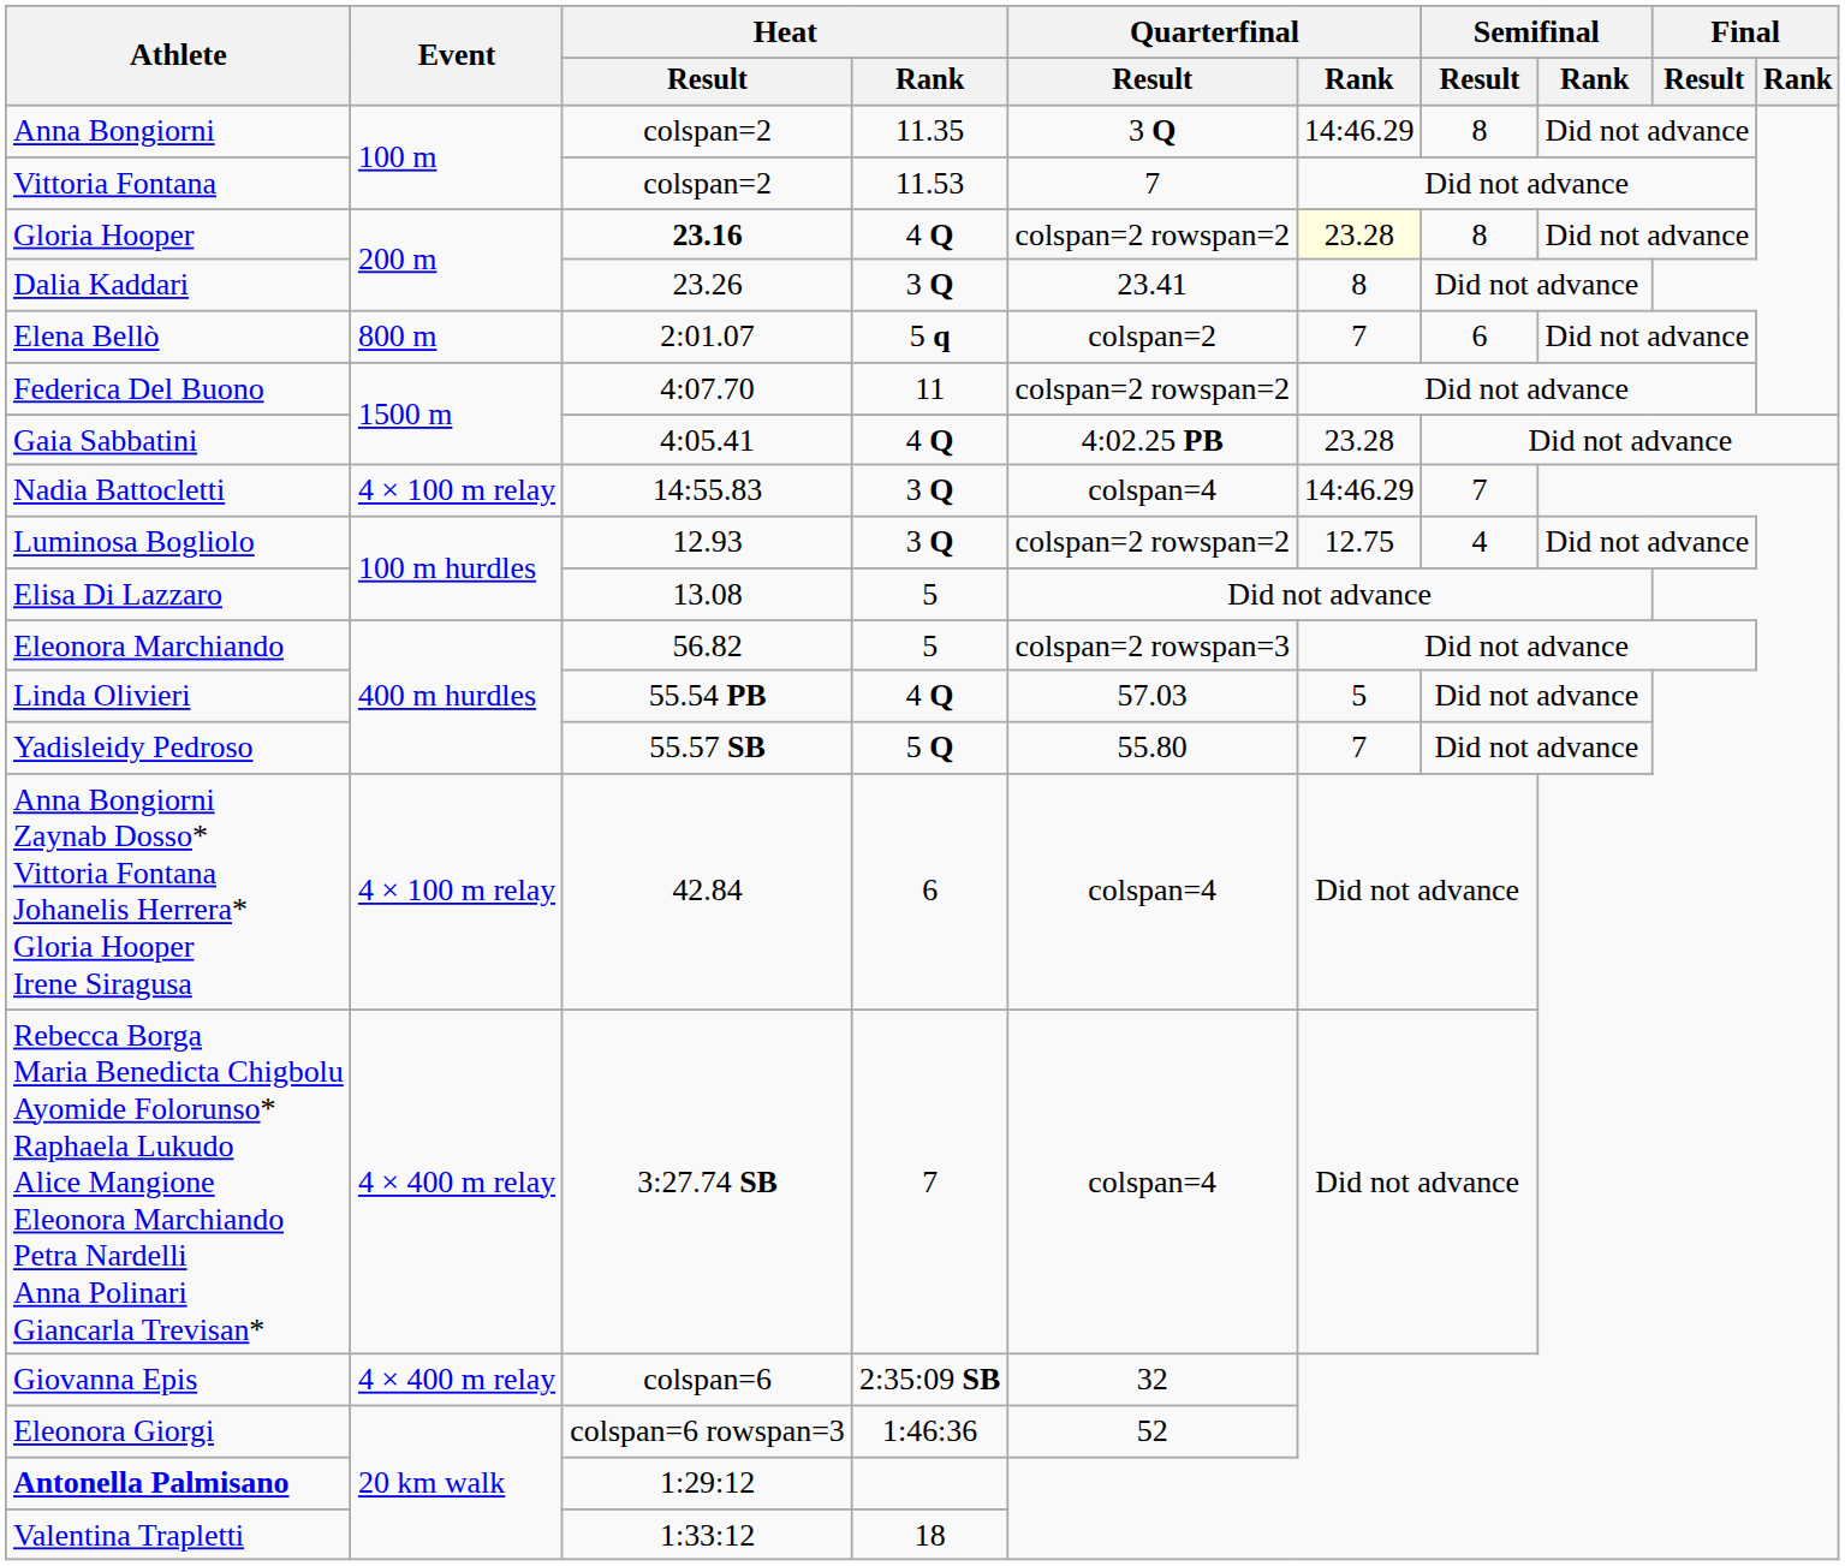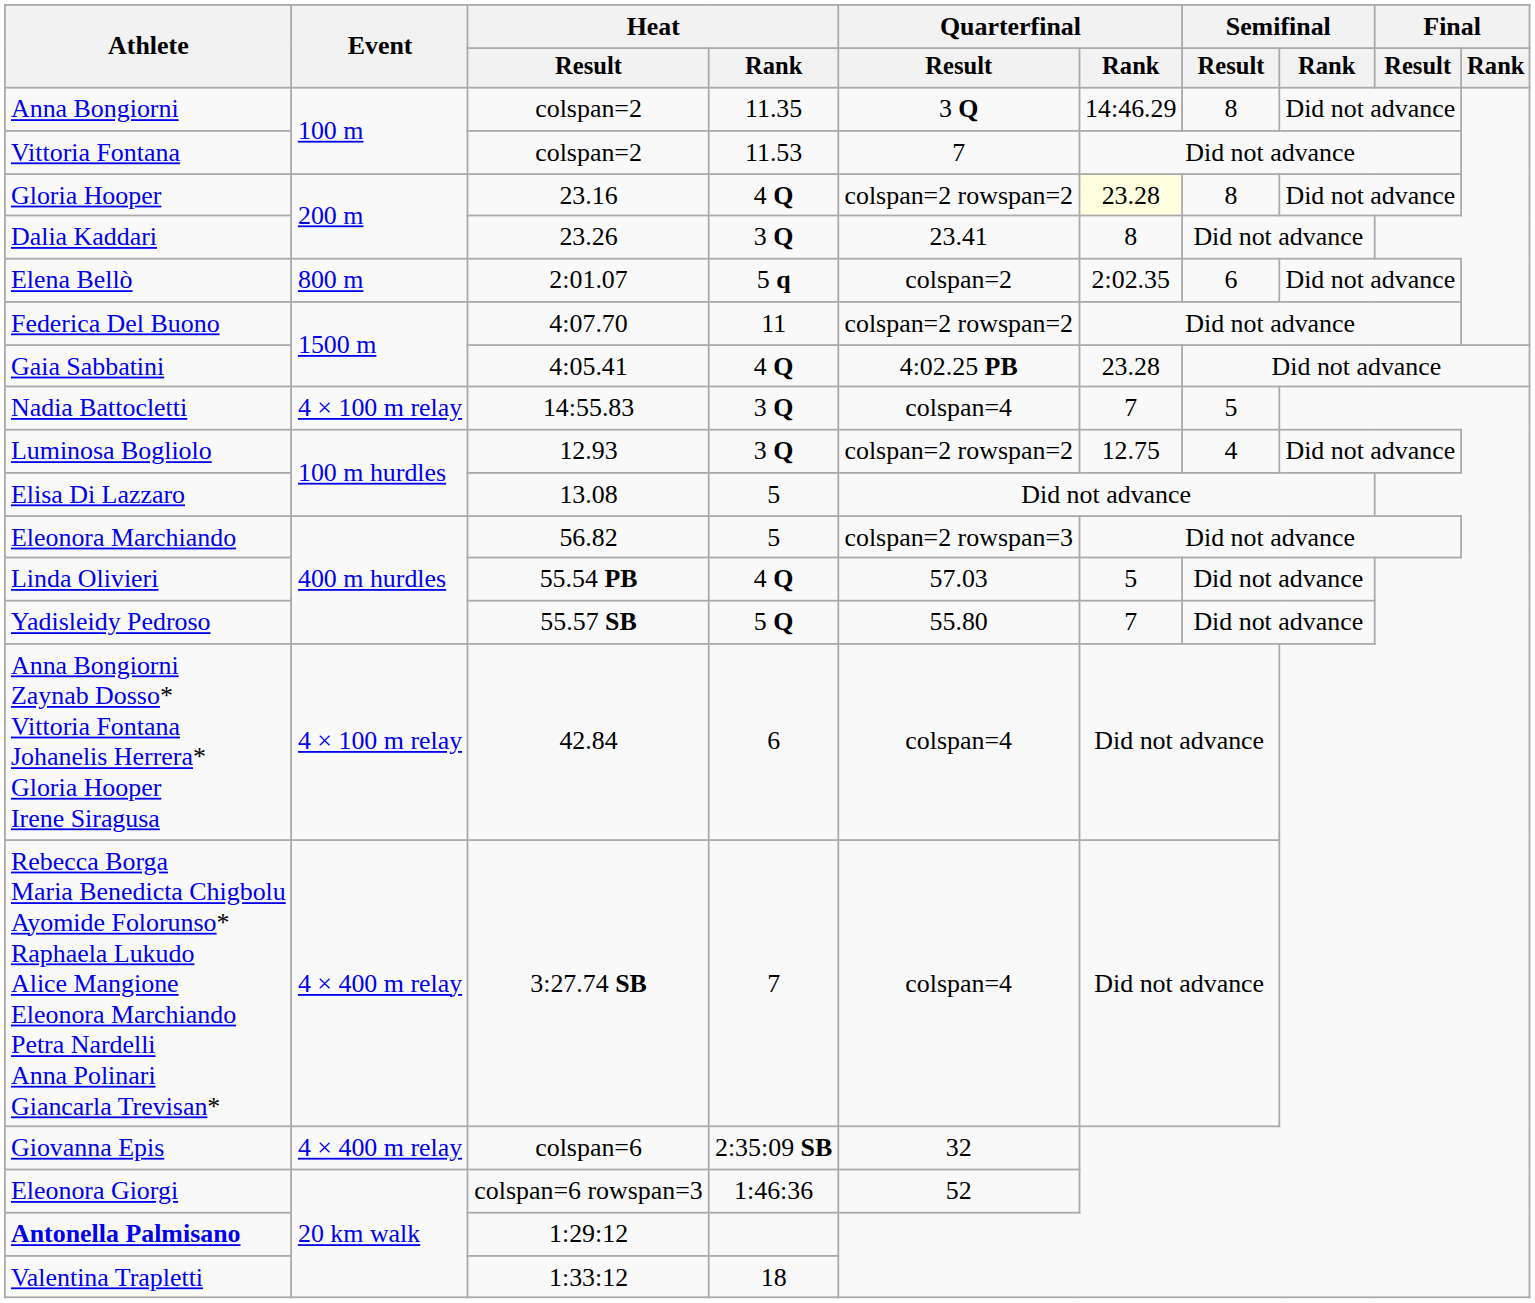 <table class="wikitable" style="font-size:90%">
 <tr>
 <th rowspan="2">Athlete</th>
 <th rowspan="2">Event</th>
 <th colspan="2">Heat</th>
 <th colspan="2">Quarterfinal</th>
 <th colspan="2">Semifinal</th>
 <th colspan="2">Final</th>
 </tr>
 <tr style="font-size:95%">
 <th>Result</th>
 <th>Rank</th>
 <th>Result</th>
 <th>Rank</th>
 <th>Result</th>
 <th>Rank</th>
 <th>Result</th>
 <th>Rank</th>
 </tr>
 <tr align=center>
 <td align="left"><a href='#'>Anna Bongiorni</a></td>
 <td align="left" rowspan=2><a href='#'>100 m</a></td>
 <td>colspan=2 </td>
 <td>11.35</td>
 <td>3 <strong>Q</strong></td>
 <td>14:46.29</td>
 <td>8</td>
 <td colspan=2>Did not advance</td>
 </tr>
 <tr align=center>
 <td align="left"><a href='#'>Vittoria Fontana</a></td>
 <td>colspan=2 </td>
 <td>11.53</td>
 <td>7</td>
 <td colspan="4">Did not advance</td>
 </tr>
 <tr align=center>
 <td align="left"><a href='#'>Gloria Hooper</a></td>
 <td align="left" rowspan=2><a href='#'>200 m</a></td>
-<td><strong>23.16</strong></td>
+<td>23.16</td>
 <td>4 <strong>Q</strong></td>
 <td>colspan=2 rowspan=2 </td>
 <td style="background: lightyellow;">23.28</td>
 <td>8</td>
 <td colspan="2">Did not advance</td>
 </tr>
 <tr align=center>
 <td align="left"><a href='#'>Dalia Kaddari</a></td>
 <td>23.26</td>
 <td>3 <strong>Q</strong></td>
 <td>23.41</td>
 <td>8</td>
 <td colspan="2">Did not advance</td>
 </tr>
 <tr align=center>
 <td align="left"><a href='#'>Elena Bellò</a></td>
 <td align="left"><a href='#'>800 m</a></td>
 <td>2:01.07</td>
 <td>5 <strong>q</strong></td>
 <td>colspan=2 </td>
-<td>7</td>
+<td>2:02.35</td>
 <td>6</td>
 <td colspan=2>Did not advance</td>
 </tr>
 <tr align=center>
 <td align="left"><a href='#'>Federica Del Buono</a></td>
 <td align="left" rowspan=2><a href='#'>1500 m</a></td>
 <td>4:07.70</td>
 <td>11</td>
 <td>colspan=2 rowspan=2 </td>
 <td colspan=4>Did not advance</td>
 </tr>
 <tr align=center>
 <td align="left"><a href='#'>Gaia Sabbatini</a></td>
 <td>4:05.41</td>
 <td>4 <strong>Q</strong></td>
 <td>4:02.25 <strong>PB</strong></td>
 <td>23.28</td>
 <td colspan=4>Did not advance</td>
 </tr>
 <tr align=center>
 <td align="left"><a href='#'>Nadia Battocletti</a></td>
 <td align=left><a href='#'>4 × 100 m relay</a></td>
 <td>14:55.83</td>
 <td>3 <strong>Q</strong></td>
 <td>colspan=4 </td>
-<td>14:46.29</td>
 <td>7</td>
+<td>5</td>
 </tr>
 <tr align=center>
 <td align="left"><a href='#'>Luminosa Bogliolo</a></td>
 <td align="left" rowspan=2><a href='#'>100 m hurdles</a></td>
 <td>12.93</td>
 <td>3 <strong>Q</strong></td>
 <td>colspan=2 rowspan=2 </td>
 <td>12.75 <strong></strong></td>
 <td>4</td>
 <td colspan=2>Did not advance</td>
 </tr>
 <tr align=center>
 <td align="left"><a href='#'>Elisa Di Lazzaro</a></td>
 <td>13.08</td>
 <td>5</td>
 <td colspan=4>Did not advance</td>
 </tr>
 <tr align=center>
 <td align="left"><a href='#'>Eleonora Marchiando</a></td>
 <td align="left" rowspan=3><a href='#'>400 m hurdles</a></td>
 <td>56.82</td>
 <td>5</td>
 <td>colspan=2 rowspan=3 </td>
 <td colspan="4">Did not advance</td>
 </tr>
 <tr align=center>
 <td align="left"><a href='#'>Linda Olivieri</a></td>
 <td>55.54 <strong>PB</strong></td>
 <td>4 <strong>Q</strong></td>
 <td>57.03</td>
 <td>5</td>
 <td colspan="2">Did not advance</td>
 </tr>
 <tr align=center>
 <td align="left"><a href='#'>Yadisleidy Pedroso</a></td>
 <td>55.57 <strong>SB</strong></td>
 <td>5 <strong>Q</strong></td>
 <td>55.80</td>
 <td>7</td>
 <td colspan="2">Did not advance</td>
 </tr>
 <tr align=center>
 <td align=left><a href='#'>Anna Bongiorni</a><br><a href='#'>Zaynab Dosso</a>*<br><a href='#'>Vittoria Fontana</a><br><a href='#'>Johanelis Herrera</a>*<br><a href='#'>Gloria Hooper</a><br><a href='#'>Irene Siragusa</a></td>
 <td align=left><a href='#'>4 × 100 m relay</a></td>
 <td>42.84 <strong></strong></td>
 <td>6</td>
 <td>colspan=4 </td>
 <td colspan="2">Did not advance</td>
 </tr>
 <tr align=center>
 <td align=left><a href='#'>Rebecca Borga</a><br><a href='#'>Maria Benedicta Chigbolu</a><br><a href='#'>Ayomide Folorunso</a>*<br><a href='#'>Raphaela Lukudo</a><br><a href='#'>Alice Mangione</a><br><a href='#'>Eleonora Marchiando</a><br><a href='#'>Petra Nardelli</a><br><a href='#'>Anna Polinari</a><br><a href='#'>Giancarla Trevisan</a>*</td>
 <td align=left><a href='#'>4 × 400 m relay</a></td>
 <td>3:27.74 <strong>SB</strong></td>
 <td>7</td>
 <td>colspan=4 </td>
 <td colspan="2">Did not advance</td>
 </tr>
 <tr align=center>
 <td align="left"><a href='#'>Giovanna Epis</a></td>
 <td align=left><a href='#'>4 × 400 m relay</a></td>
 <td>colspan=6 </td>
 <td>2:35:09 <strong>SB</strong></td>
 <td>32</td>
 </tr>
 <tr align=center>
 <td align="left"><a href='#'>Eleonora Giorgi</a></td>
 <td align="left" rowspan=3><a href='#'>20 km walk</a></td>
 <td>colspan=6 rowspan=3 </td>
 <td>1:46:36</td>
 <td>52</td>
 </tr>
 <tr align=center>
 <td align="left"><strong><a href='#'>Antonella Palmisano</a></strong></td>
 <td>1:29:12</td>
 <td></td>
 </tr>
 <tr align=center>
 <td align="left"><a href='#'>Valentina Trapletti</a></td>
 <td>1:33:12</td>
 <td>18</td>
 </tr>
 </table>
